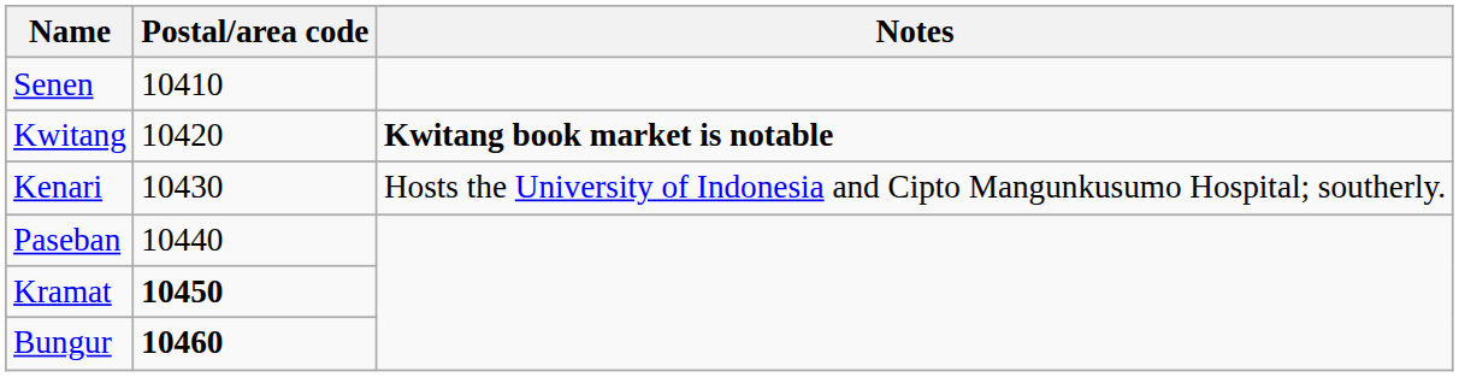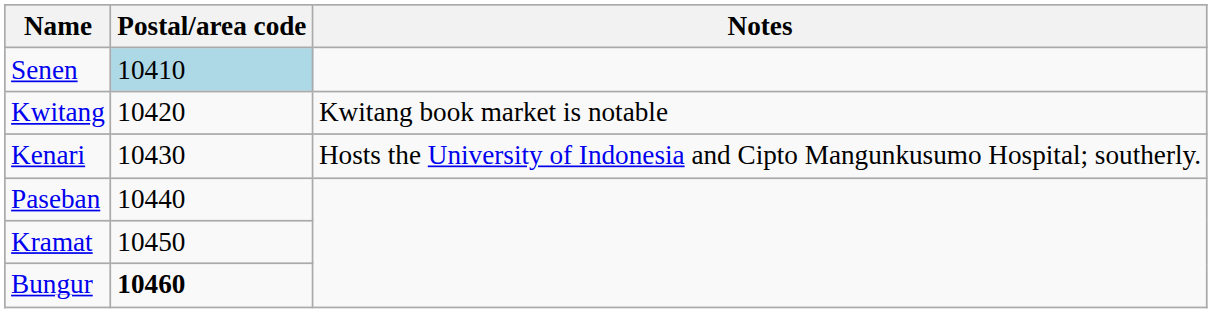 <table class=wikitable>
 <tr>
 <th>Name</th>
 <th>Postal/area code</th>
 <th>Notes</th>
 </tr>
 <tr>
 <td><a href='#'>Senen</a></td>
-<td>10410</td>
+<td style="background: lightblue;">10410</td>
 </tr>
 <tr>
 <td><a href='#'>Kwitang</a></td>
 <td>10420</td>
-<td><strong>Kwitang book market is notable</strong></td>
+<td>Kwitang book market is notable</td>
 </tr>
 <tr>
 <td><a href='#'>Kenari</a></td>
 <td>10430</td>
 <td>Hosts the <a href='#'>University of Indonesia</a> and Cipto Mangunkusumo Hospital; southerly.</td>
 </tr>
 <tr>
 <td><a href='#'>Paseban</a></td>
 <td>10440</td>
 </tr>
 <tr>
 <td><a href='#'>Kramat</a></td>
-<td><strong>10450</strong></td>
+<td>10450</td>
 </tr>
 <tr>
 <td><a href='#'>Bungur</a></td>
 <td><strong>10460</strong></td>
 </tr>
 </table>
